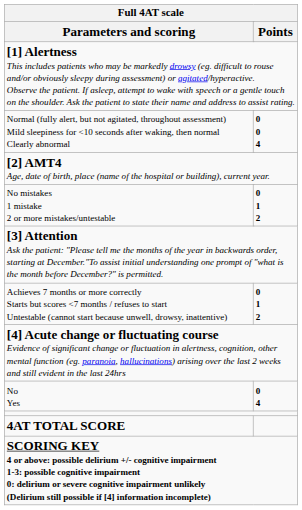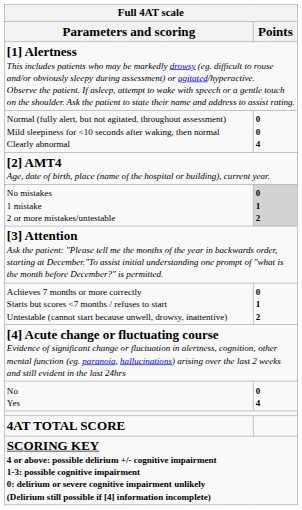 <table class="wikitable mw-collapsible mw-collapsible floatright" style="max-width: 100%">
 <tr>
 <th colspan="3">Full 4AT scale</th>
 </tr>
 <tr>
 <th colspan="2"><big>Parameters and scoring</big></th>
 <th><big>Points</big></th>
 </tr>
 <tr>
 <td colspan="3"><strong><big>[1] Alertness</big></strong><br><small><em>This includes patients who may be markedly <a href='#'>drowsy</a> (eg. difficult to rouse</em></small><br><small><em>and/or obviously sleepy</em></small> <small><em>during assessment) or <a href='#'> agitated</a>/hyperactive.</em></small><br><small><em>Observe the patient. If asleep, attempt to wake with</em></small> <small><em>speech or a gentle touch</em></small><br><small><em>on the shoulder. Ask the patient to state their name and address to assist rating.</em></small></td>
 </tr>
 <tr>
 <td colspan="2"><small>Normal (fully alert, but not agitated, throughout assessment)</small><br><small>Mild sleepiness for <10 seconds after waking, then normal</small><br><small>Clearly abnormal</small></td>
 <td><small><strong>0</strong></small><br><small><strong>0</strong></small><br><strong><small>4</small></strong></td>
 </tr>
 <tr>
 <td colspan="3"><strong><big>[2] AMT4</big></strong><br><small><em>Age, date of birth, place (name of the hospital or building), current year.</em></small></td>
 </tr>
 <tr>
 <td colspan="2"><small>No mistakes</small><br><small>1 mistake</small><br><small>2 or more mistakes/untestable</small></td>
-<td><small><strong>0</strong></small><br><small><strong>1</strong></small><br><small><strong>2</strong></small></td>
+<td style="background: lightgrey;"><small><strong>0</strong></small><br><small><strong>1</strong></small><br><small><strong>2</strong></small></td>
 </tr>
 <tr>
 <td colspan="3"><strong><big>[3] Attention</big></strong><br><small><em>Ask the patient: "Please tell me the months of the year in backwards order,</em></small><br><small><em>starting at December."</em></small><small><em>To assist initial understanding one prompt of "what is</em></small><br><small><em>the month before December?" is permitted.</em></small></td>
 </tr>
 <tr>
 <td><small>Achieves 7 months or more correctly</small><br><small>Starts but scores <7 months / refuses to start</small><br><small>Untestable (cannot start because unwell, drowsy, inattentive)</small></td>
 <td colspan="2"><small><strong>0</strong></small><br><small><strong>1</strong></small><br><small><strong>2</strong></small></td>
 </tr>
 <tr>
 <td colspan="3"><strong><big>[4] Acute change or fluctuating course</big></strong><br><small><em>Evidence of significant change or fluctuation in alertness, cognition,</em></small> <small><em>other</em></small><br><small><em>mental function</em></small> <small><em>(eg. <a href='#'>paranoia</a>, <a href='#'>hallucinations</a>) arising over the last 2 weeks</em></small><br><small><em>and still evident in the last 24hrs</em></small></td>
 </tr>
 <tr>
 <td><small>No</small><br><small>Yes</small></td>
 <td colspan="2"><strong><small>0</small></strong><br><strong><small>4</small></strong></td>
 </tr>
 <tr>
 <td colspan="3"></td>
 </tr>
 <tr>
 <td><strong><big>4AT TOTAL SCORE</big></strong></td>
 <td colspan="2"></td>
 </tr>
 <tr>
 <td colspan="3"><strong><u><big>SCORING KEY</big></u></strong><br><strong><small>4 or above: possible delirium +/- cognitive impairment</small></strong><br><strong><small>1-3: possible cognitive impairment</small></strong><br><strong><small>0: delirium or severe cognitive impairment unlikely</small></strong><br><strong><small>(Delirium still possible if [4] information incomplete)</small></strong></td>
 </tr>
 </table>
